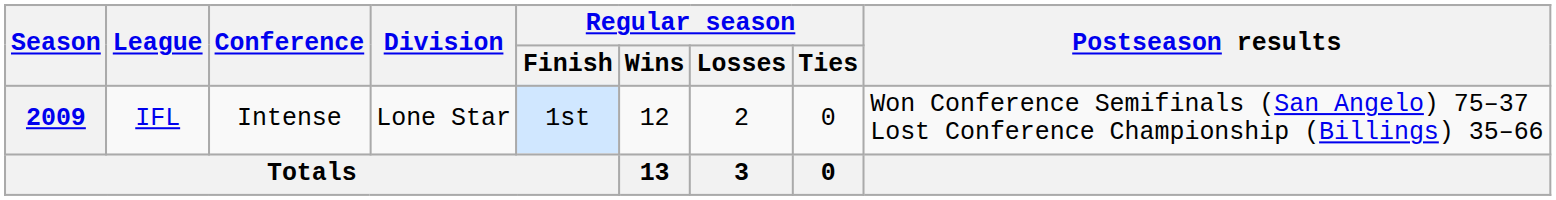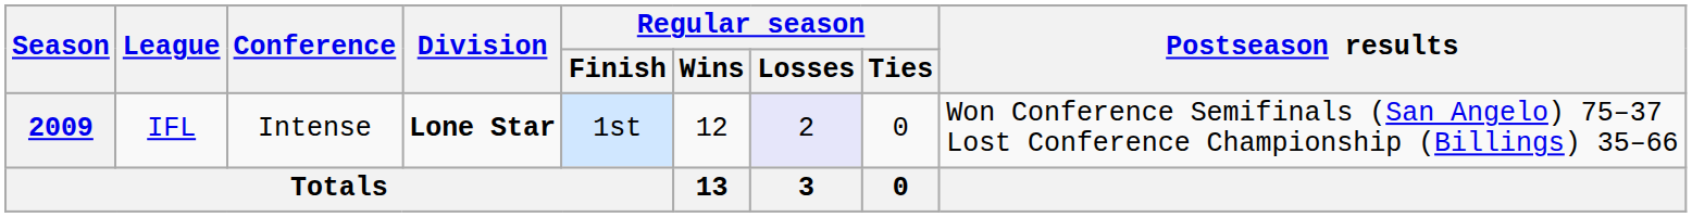 <table class="wikitable" style="font-size: 95%; text-align:center">
 <tr>
 <th rowspan="2"><a href='#'>Season</a></th>
 <th rowspan="2"><a href='#'>League</a></th>
 <th rowspan="2"><a href='#'>Conference</a></th>
 <th rowspan="2"><a href='#'>Division</a></th>
 <th colspan="4"><a href='#'>Regular season</a></th>
 <th rowspan="2"><a href='#'>Postseason</a> results</th>
 </tr>
 <tr>
 <th>Finish</th>
 <th>Wins</th>
 <th>Losses</th>
 <th>Ties</th>
 </tr>
 <tr>
 <th><a href='#'>2009</a></th>
 <td><a href='#'>IFL</a></td>
 <td>Intense</td>
-<td>Lone Star</td>
+<td><strong>Lone Star</strong></td>
 <td bgcolor=#d0e7ff>1st</td>
 <td>12</td>
-<td>2</td>
+<td style="background: lavender;">2</td>
 <td>0</td>
 <td align=left>Won Conference Semifinals (<a href='#'>San Angelo</a>) 75–37<br>Lost Conference Championship (<a href='#'>Billings</a>) 35–66</td>
 </tr>
 <tr>
 <th colspan="5">Totals</th>
 <th>13</th>
 <th>3</th>
 <th>0</th>
 <th></th>
 </tr>
 </table>
